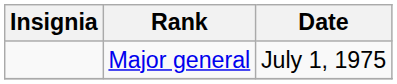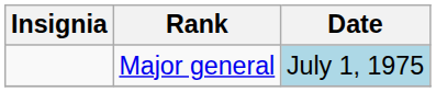 <table class="wikitable">
 <tr>
 <th>Insignia</th>
 <th>Rank</th>
 <th>Date</th>
 </tr>
 <tr style="text-align:center;">
 <td></td>
 <td><a href='#'>Major general</a></td>
-<td>July 1, 1975</td>
+<td style="background: lightblue;">July 1, 1975</td>
 </tr>
 <tr>
 </tr>
 </table>
